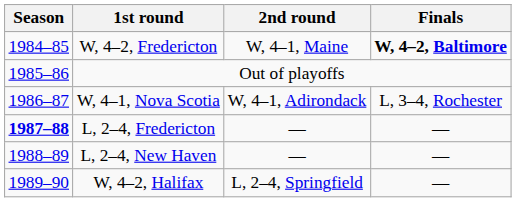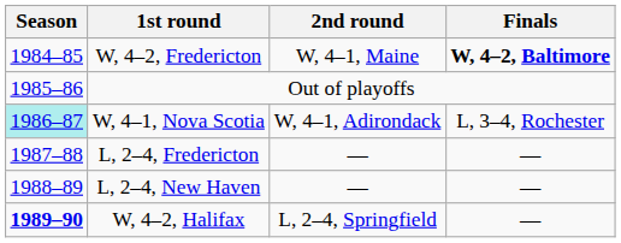 <table class="wikitable" style="text-align:center">
 <tr>
 <th>Season</th>
 <th>1st round</th>
 <th>2nd round</th>
 <th>Finals</th>
 </tr>
 <tr>
 <td><a href='#'>1984–85</a></td>
 <td>W, 4–2, <a href='#'>Fredericton</a></td>
 <td>W, 4–1, <a href='#'>Maine</a></td>
 <td><strong>W, 4–2, <a href='#'>Baltimore</a></strong></td>
 </tr>
 <tr>
 <td><a href='#'>1985–86</a></td>
 <td colspan="3">Out of playoffs</td>
 </tr>
 <tr>
-<td><a href='#'>1986–87</a></td>
+<td style="background: paleturquoise;"><a href='#'>1986–87</a></td>
 <td>W, 4–1, <a href='#'>Nova Scotia</a></td>
 <td>W, 4–1, <a href='#'>Adirondack</a></td>
 <td>L, 3–4, <a href='#'>Rochester</a></td>
 </tr>
 <tr>
-<td><strong><a href='#'>1987–88</a></strong></td>
+<td><a href='#'>1987–88</a></td>
 <td>L, 2–4, <a href='#'>Fredericton</a></td>
 <td>—</td>
 <td>—</td>
 </tr>
 <tr>
 <td><a href='#'>1988–89</a></td>
 <td>L, 2–4, <a href='#'>New Haven</a></td>
 <td>—</td>
 <td>—</td>
 </tr>
 <tr>
-<td><a href='#'>1989–90</a></td>
+<td><strong><a href='#'>1989–90</a></strong></td>
 <td>W, 4–2, <a href='#'>Halifax</a></td>
 <td>L, 2–4, <a href='#'>Springfield</a></td>
 <td>—</td>
 </tr>
 </table>
